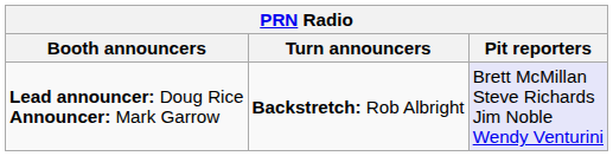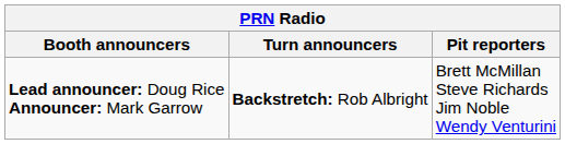 <table class="wikitable" style="font-size: 95%;">
 <tr>
 <th colspan="3"><a href='#'>PRN</a> Radio</th>
 </tr>
 <tr>
 <th>Booth announcers</th>
 <th>Turn announcers</th>
 <th>Pit reporters</th>
 </tr>
 <tr>
 <td><strong>Lead announcer:</strong> Doug Rice<br><strong>Announcer:</strong> Mark Garrow</td>
 <td><strong>Backstretch:</strong> Rob Albright</td>
-<td style="background: lavender;">Brett McMillan<br>Steve Richards<br>Jim Noble<br><a href='#'>Wendy Venturini</a></td>
+<td>Brett McMillan<br>Steve Richards<br>Jim Noble<br><a href='#'>Wendy Venturini</a></td>
 </tr>
 </table>
